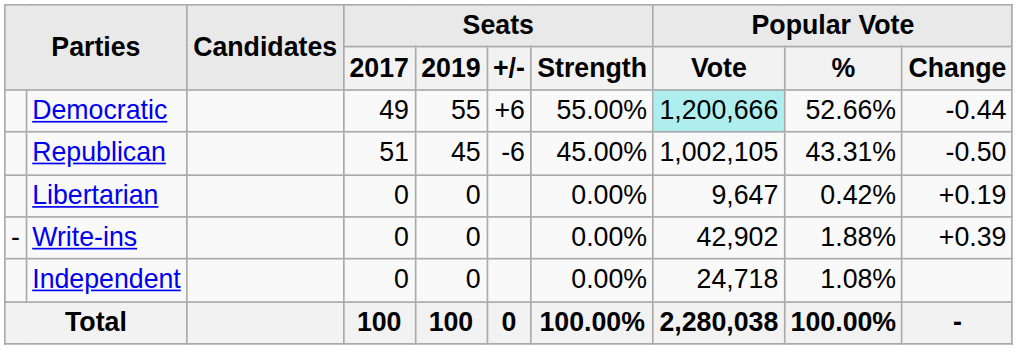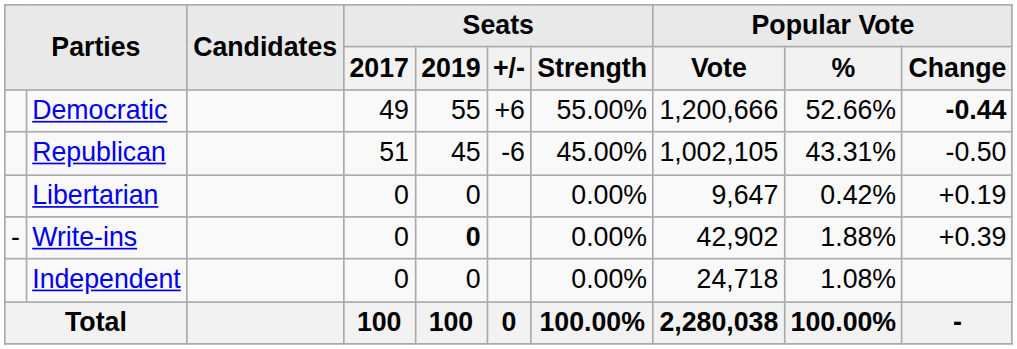 <table class=wikitable>
 <tr>
 <th style="background-color:#E9E9E9" align=center rowspan= 2 colspan=2>Parties</th>
 <th style="background-color:#E9E9E9" align=center rowspan= 2>Candidates</th>
 <th style="background-color:#E9E9E9" align=center colspan=4>Seats</th>
 <th style="background-color:#E9E9E9" align=center colspan=3>Popular Vote</th>
 </tr>
 <tr>
 <th align=center>2017</th>
 <th align=center>2019</th>
 <th align=center>+/-</th>
 <th align=center>Strength</th>
 <th align=center>Vote</th>
 <th align=center>%</th>
 <th align=center>Change</th>
 </tr>
 <tr>
 <td></td>
 <td align=left><a href='#'>Democratic</a></td>
 <td align=right></td>
 <td align=right>49</td>
 <td align=right>55</td>
 <td align=right>+6</td>
 <td align=right>55.00%</td>
-<td align=right style="background: paleturquoise;">1,200,666</td>
+<td align=right>1,200,666</td>
 <td align=right>52.66%</td>
-<td align=right>-0.44</td>
+<td align=right><strong>-0.44</strong></td>
 </tr>
 <tr>
 <td></td>
 <td align=left><a href='#'>Republican</a></td>
 <td align=right></td>
 <td align=right>51</td>
 <td align=right>45</td>
 <td align=right>-6</td>
 <td align=right>45.00%</td>
 <td align=right>1,002,105</td>
 <td align=right>43.31%</td>
 <td align=right>-0.50</td>
 </tr>
 <tr>
 <td></td>
 <td><a href='#'>Libertarian</a></td>
 <td align=right></td>
 <td align=right>0</td>
 <td align=right>0</td>
 <td align=right></td>
 <td align=right>0.00%</td>
 <td align=right>9,647</td>
 <td align=right>0.42%</td>
 <td align=right>+0.19</td>
 </tr>
 <tr>
 <td>-</td>
 <td><a href='#'>Write-ins</a></td>
 <td align=right></td>
 <td align=right>0</td>
-<td align=right>0</td>
+<td align=right><strong>0</strong></td>
 <td align=right></td>
 <td align=right>0.00%</td>
 <td align=right>42,902</td>
 <td align=right>1.88%</td>
 <td align=right>+0.39</td>
 </tr>
 <tr>
 <td></td>
 <td><a href='#'>Independent</a></td>
 <td align=right></td>
 <td align=right>0</td>
 <td align=right>0</td>
 <td align=right><br></td>
 <td align=right>0.00%</td>
 <td align=right>24,718</td>
 <td align=right>1.08%</td>
 <td align=right></td>
 </tr>
 <tr>
 <th align=center colspan="2">Total</th>
 <th align=center></th>
 <th align=center>100</th>
 <th align=center>100</th>
 <th align=center>0</th>
 <th align=center>100.00%</th>
 <th align=center>2,280,038</th>
 <th align=center>100.00%</th>
 <th align=center>-</th>
 </tr>
 </table>
